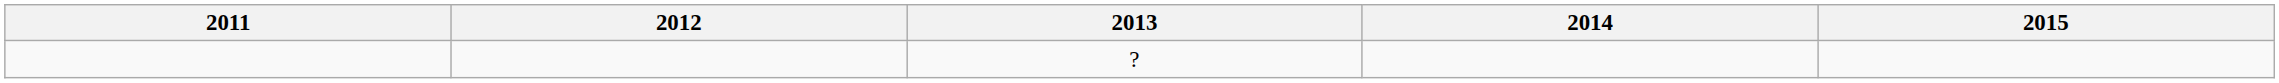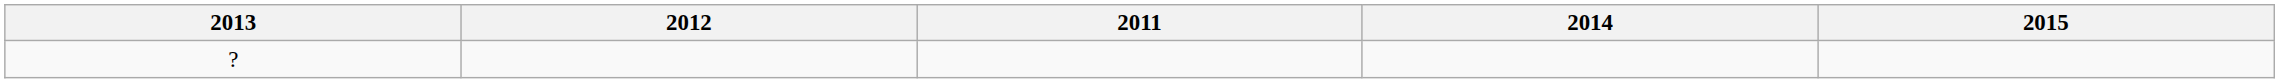 <table class="wikitable" style="margin:1em auto; text-align:center; width:80%;">
 <tr>
+<th scope=col>2013</th>
+<th scope=col>2012</th>
 <th scope=col>2011</th>
-<th scope=col>2012</th>
-<th scope=col>2013</th>
 <th scope=col>2014</th>
 <th scope=col>2015</th>
 </tr>
 <tr>
+<td>?</td>
 <td></td>
 <td></td>
-<td>?</td>
 <td></td>
 <td></td>
 </tr>
 </table>
